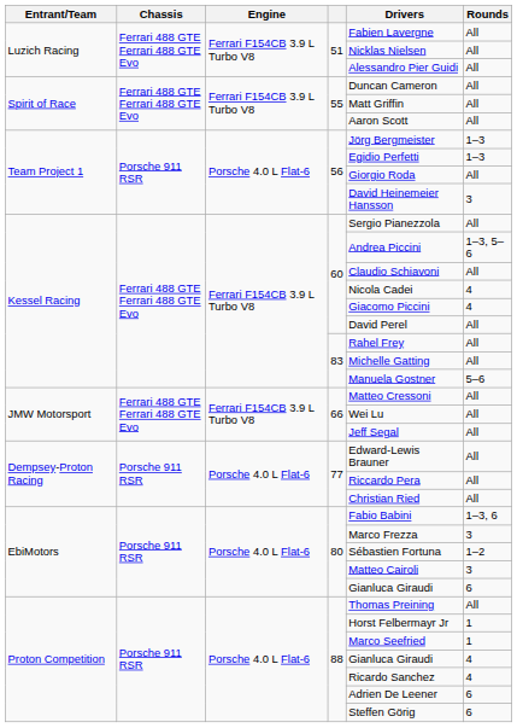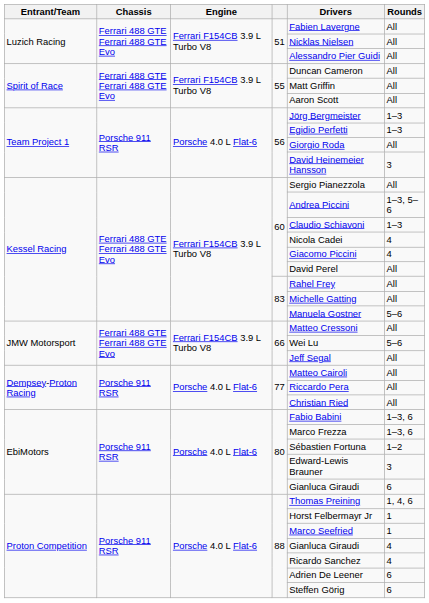 <table class="wikitable" style="font-size: 85%">
 <tr>
 <th>Entrant/Team</th>
 <th>Chassis</th>
 <th>Engine</th>
 <th></th>
 <th>Drivers</th>
 <th>Rounds</th>
 </tr>
 <tr>
 <td rowspan=3> Luzich Racing</td>
 <td rowspan=3><a href='#'>Ferrari 488 GTE</a> <small></small><br><a href='#'>Ferrari 488 GTE Evo</a> <small></small></td>
 <td rowspan=3><a href='#'>Ferrari F154CB</a> 3.9 L Turbo V8</td>
 <td rowspan=3>51</td>
 <td> <a href='#'>Fabien Lavergne</a></td>
 <td>All</td>
 </tr>
 <tr>
 <td> <a href='#'>Nicklas Nielsen</a></td>
 <td>All</td>
 </tr>
 <tr>
 <td> <a href='#'>Alessandro Pier Guidi</a></td>
 <td>All</td>
 </tr>
 <tr>
 <td rowspan=3> <a href='#'>Spirit of Race</a></td>
 <td rowspan=3><a href='#'>Ferrari 488 GTE</a> <small></small><br><a href='#'>Ferrari 488 GTE Evo</a> <small></small></td>
 <td rowspan=3><a href='#'>Ferrari F154CB</a> 3.9 L Turbo V8</td>
 <td rowspan=3>55</td>
 <td> Duncan Cameron</td>
 <td>All</td>
 </tr>
 <tr>
 <td> Matt Griffin</td>
 <td>All</td>
 </tr>
 <tr>
 <td> Aaron Scott</td>
 <td>All</td>
 </tr>
 <tr>
 <td rowspan=4> <a href='#'>Team Project 1</a></td>
 <td rowspan=4><a href='#'>Porsche 911 RSR</a></td>
 <td rowspan=4><a href='#'>Porsche</a> 4.0 L <a href='#'>Flat-6</a></td>
 <td rowspan=4>56</td>
 <td> <a href='#'>Jörg Bergmeister</a></td>
 <td>1–3</td>
 </tr>
 <tr>
 <td> <a href='#'>Egidio Perfetti</a></td>
 <td>1–3</td>
 </tr>
 <tr>
 <td> <a href='#'>Giorgio Roda</a></td>
 <td>All</td>
 </tr>
 <tr>
 <td> <a href='#'>David Heinemeier Hansson</a></td>
 <td>3</td>
 </tr>
 <tr>
 <td rowspan=9> <a href='#'>Kessel Racing</a></td>
 <td rowspan=9><a href='#'>Ferrari 488 GTE</a> <small></small><br><a href='#'>Ferrari 488 GTE Evo</a> <small></small></td>
 <td rowspan=9><a href='#'>Ferrari F154CB</a> 3.9 L Turbo V8</td>
 <td rowspan=6>60</td>
 <td> Sergio Pianezzola</td>
 <td>All</td>
 </tr>
 <tr>
 <td> <a href='#'>Andrea Piccini</a></td>
 <td>1–3, 5–6</td>
 </tr>
 <tr>
 <td> <a href='#'>Claudio Schiavoni</a></td>
-<td>All</td>
+<td>1–3</td>
 </tr>
 <tr>
 <td> Nicola Cadei</td>
 <td>4</td>
 </tr>
 <tr>
 <td> <a href='#'>Giacomo Piccini</a></td>
 <td>4</td>
 </tr>
 <tr>
 <td> David Perel</td>
 <td>All</td>
 </tr>
 <tr>
 <td rowspan=3>83</td>
 <td> <a href='#'>Rahel Frey</a></td>
 <td>All</td>
 </tr>
 <tr>
 <td> <a href='#'>Michelle Gatting</a></td>
 <td>All</td>
 </tr>
 <tr>
 <td> <a href='#'>Manuela Gostner</a></td>
 <td>5–6</td>
 </tr>
 <tr>
 <td rowspan=3> JMW Motorsport</td>
 <td rowspan=3><a href='#'>Ferrari 488 GTE</a> <small></small><br><a href='#'>Ferrari 488 GTE Evo</a> <small></small></td>
 <td rowspan=3><a href='#'>Ferrari F154CB</a> 3.9 L Turbo V8</td>
 <td rowspan=3>66</td>
 <td> <a href='#'>Matteo Cressoni</a></td>
 <td>All</td>
 </tr>
 <tr>
 <td> Wei Lu</td>
-<td>All</td>
+<td>5–6</td>
 </tr>
 <tr>
 <td> <a href='#'>Jeff Segal</a></td>
 <td>All</td>
 </tr>
 <tr>
 <td rowspan=3> <a href='#'>Dempsey</a>-<a href='#'>Proton Racing</a></td>
 <td rowspan=3><a href='#'>Porsche 911 RSR</a></td>
 <td rowspan=3><a href='#'>Porsche</a> 4.0 L <a href='#'>Flat-6</a></td>
 <td rowspan=3>77</td>
-<td> Edward-Lewis Brauner</td>
+<td> <a href='#'>Matteo Cairoli</a></td>
 <td>All</td>
 </tr>
 <tr>
 <td> <a href='#'>Riccardo Pera</a></td>
 <td>All</td>
 </tr>
 <tr>
 <td> <a href='#'>Christian Ried</a></td>
 <td>All</td>
 </tr>
 <tr>
 <td rowspan=5> EbiMotors</td>
 <td rowspan=5><a href='#'>Porsche 911 RSR</a></td>
 <td rowspan=5><a href='#'>Porsche</a> 4.0 L <a href='#'>Flat-6</a></td>
 <td rowspan=5>80</td>
 <td> <a href='#'>Fabio Babini</a></td>
 <td>1–3, 6</td>
 </tr>
 <tr>
 <td> Marco Frezza</td>
-<td>3</td>
+<td>1–3, 6</td>
 </tr>
 <tr>
 <td> Sébastien Fortuna</td>
 <td>1–2</td>
 </tr>
 <tr>
-<td> <a href='#'>Matteo Cairoli</a></td>
+<td> Edward-Lewis Brauner</td>
 <td>3</td>
 </tr>
 <tr>
 <td> Gianluca Giraudi</td>
 <td>6</td>
 </tr>
 <tr>
 <td rowspan=7> <a href='#'>Proton Competition</a></td>
 <td rowspan=7><a href='#'>Porsche 911 RSR</a></td>
 <td rowspan=7><a href='#'>Porsche</a> 4.0 L <a href='#'>Flat-6</a></td>
 <td rowspan=7>88</td>
 <td> <a href='#'>Thomas Preining</a></td>
-<td>All</td>
+<td>1, 4, 6</td>
 </tr>
 <tr>
 <td> Horst Felbermayr Jr</td>
 <td>1</td>
 </tr>
 <tr>
 <td> <a href='#'>Marco Seefried</a></td>
 <td>1</td>
 </tr>
 <tr>
 <td> Gianluca Giraudi</td>
 <td>4</td>
 </tr>
 <tr>
 <td> Ricardo Sanchez</td>
 <td>4</td>
 </tr>
 <tr>
 <td> Adrien De Leener</td>
 <td>6</td>
 </tr>
 <tr>
 <td> Steffen Görig</td>
 <td>6</td>
 </tr>
 </table>
